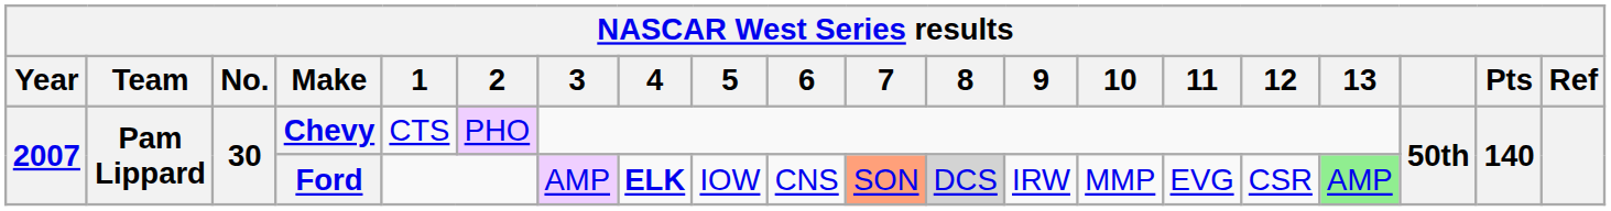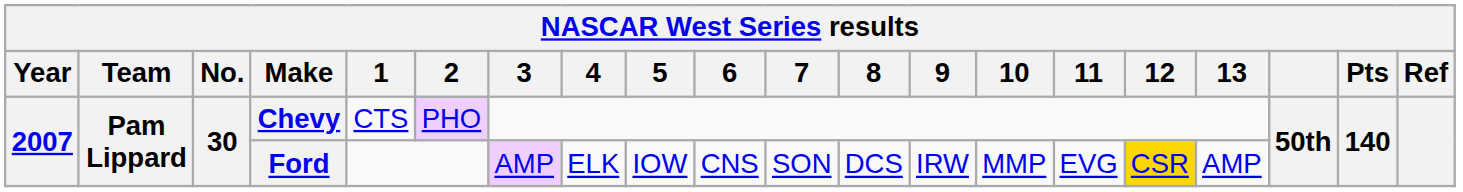 <table class="wikitable" style="text-align:center; font-size:75%">
 <tr>
 <th colspan=20><a href='#'>NASCAR West Series</a> results</th>
 </tr>
 <tr>
 <th>Year</th>
 <th>Team</th>
 <th>No.</th>
 <th>Make</th>
 <th>1</th>
 <th>2</th>
 <th>3</th>
 <th>4</th>
 <th>5</th>
 <th>6</th>
 <th>7</th>
 <th>8</th>
 <th>9</th>
 <th>10</th>
 <th>11</th>
 <th>12</th>
 <th>13</th>
 <th></th>
 <th>Pts</th>
 <th>Ref</th>
 </tr>
 <tr>
 <th rowspan=2><a href='#'>2007</a></th>
 <th rowspan=2>Pam Lippard</th>
 <th rowspan=2>30</th>
 <th><a href='#'>Chevy</a></th>
 <td><a href='#'>CTS</a></td>
 <td style="background:#EFCFFF;"><a href='#'>PHO</a><br></td>
 <td colspan=11></td>
 <th rowspan=2>50th</th>
 <th rowspan=2>140</th>
 <th rowspan=2></th>
 </tr>
 <tr>
 <th><a href='#'>Ford</a></th>
 <td colspan=2></td>
 <td style="background:#EFCFFF;"><a href='#'>AMP</a><br></td>
-<td><strong><a href='#'>ELK</a></strong></td>
+<td><a href='#'>ELK</a></td>
 <td><a href='#'>IOW</a></td>
 <td><a href='#'>CNS</a></td>
-<td style="background: lightsalmon;"><a href='#'>SON</a></td>
-<td style="background: lightgrey;"><a href='#'>DCS</a></td>
+<td><a href='#'>SON</a></td>
+<td><a href='#'>DCS</a></td>
 <td><a href='#'>IRW</a></td>
 <td><a href='#'>MMP</a></td>
 <td><a href='#'>EVG</a></td>
-<td><a href='#'>CSR</a></td>
-<td style="background: lightgreen;"><a href='#'>AMP</a></td>
+<td style="background: gold;"><a href='#'>CSR</a></td>
+<td><a href='#'>AMP</a></td>
 </tr>
 </table>
